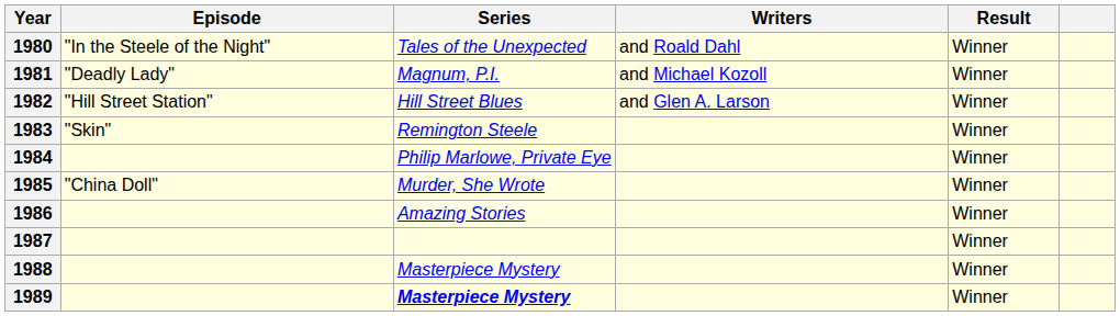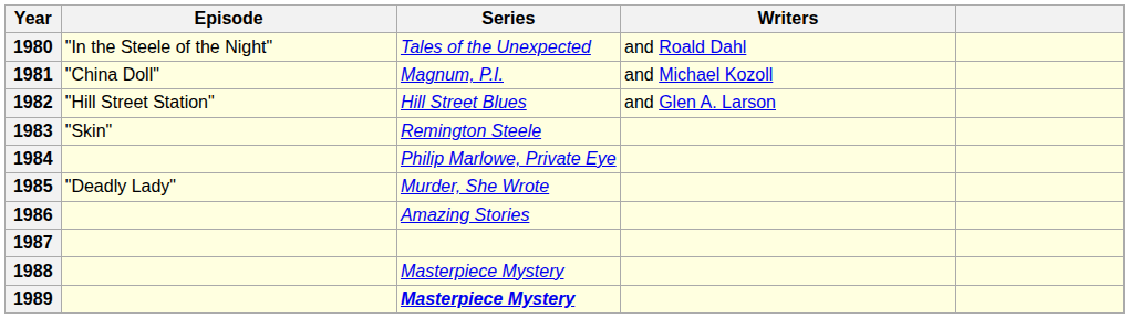 <table class="wikitable sortable" style="wdith:100%">
 <tr>
 <th scope="col" width="5%">Year</th>
 <th scope="col" width="30%">Episode</th>
 <th scope="col" width="20%">Series</th>
 <th scope="col" width="30%">Writers</th>
-<th scope="col" width="10%">Result</th>
 <th></th>
 </tr>
 <tr style="background:lightyellow;">
 <th>1980</th>
 <td>"In the Steele of the Night"</td>
 <td><em><a href='#'>Tales of the Unexpected</a></em></td>
 <td> and <a href='#'>Roald Dahl</a></td>
-<td>Winner</td>
 <td></td>
 </tr>
 <tr style="background:lightyellow;">
 <th><strong>1981</strong></th>
-<td>"Deadly Lady"</td>
+<td>"China Doll"</td>
 <td><em><a href='#'>Magnum, P.I.</a></em></td>
 <td> and <a href='#'>Michael Kozoll</a></td>
-<td>Winner</td>
 <td></td>
 </tr>
 <tr style="background:lightyellow;">
 <th>1982</th>
 <td>"Hill Street Station"</td>
 <td><em><a href='#'>Hill Street Blues</a></em></td>
 <td> and <a href='#'>Glen A. Larson</a></td>
-<td>Winner</td>
 <td></td>
 </tr>
 <tr style="background:lightyellow;">
 <th>1983</th>
 <td>"Skin"</td>
 <td><em><a href='#'>Remington Steele</a></em></td>
 <td></td>
-<td>Winner</td>
 <td></td>
 </tr>
 <tr style="background:lightyellow;">
 <th>1984</th>
 <td></td>
 <td><em><a href='#'>Philip Marlowe, Private Eye</a></em></td>
 <td></td>
-<td>Winner</td>
 <td></td>
 </tr>
 <tr style="background:lightyellow;">
 <th>1985</th>
-<td>"China Doll"</td>
+<td>"Deadly Lady"</td>
 <td><em><a href='#'>Murder, She Wrote</a></em></td>
 <td></td>
-<td>Winner</td>
 <td></td>
 </tr>
 <tr style="background:lightyellow;">
 <th>1986</th>
 <td></td>
 <td><em><a href='#'>Amazing Stories</a></em></td>
 <td></td>
-<td>Winner</td>
 <td></td>
 </tr>
 <tr style="background:lightyellow;">
 <th>1987</th>
 <td></td>
 <td></td>
 <td></td>
-<td>Winner</td>
 <td></td>
 </tr>
 <tr style="background:lightyellow;">
 <th>1988</th>
 <td></td>
 <td><em><a href='#'>Masterpiece Mystery</a></em></td>
 <td></td>
-<td>Winner</td>
 <td></td>
 </tr>
 <tr style="background:lightyellow;">
 <th>1989</th>
 <td></td>
 <td><strong><em><a href='#'>Masterpiece Mystery</a></em></strong></td>
 <td></td>
-<td>Winner</td>
 <td></td>
 </tr>
 </table>
